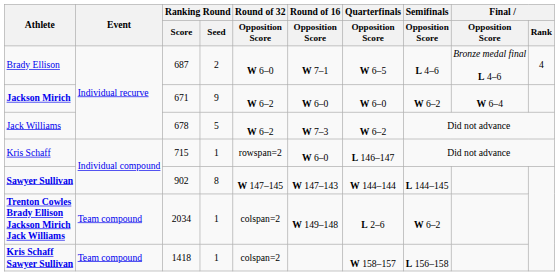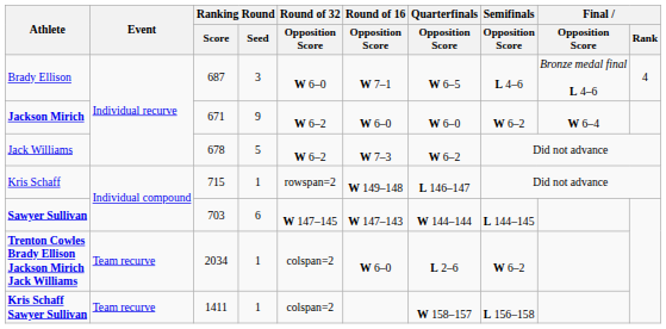 <table class=wikitable style=font-size:90%;text-align:center>
 <tr>
 <th rowspan=2>Athlete</th>
 <th rowspan=2>Event</th>
 <th colspan=2>Ranking Round</th>
 <th>Round of 32</th>
 <th>Round of 16</th>
 <th>Quarterfinals</th>
 <th>Semifinals</th>
 <th colspan=2>Final / </th>
 </tr>
 <tr style=font-size:95%>
 <th>Score</th>
 <th>Seed</th>
 <th>Opposition<br>Score</th>
 <th>Opposition<br>Score</th>
 <th>Opposition<br>Score</th>
 <th>Opposition<br>Score</th>
 <th>Opposition<br>Score</th>
 <th>Rank</th>
 </tr>
 <tr>
 <td align=left><a href='#'>Brady Ellison</a></td>
 <td align=left rowspan=3><a href='#'>Individual recurve</a></td>
 <td>687</td>
-<td>2</td>
+<td>3</td>
 <td><br><strong>W</strong> 6–0</td>
 <td><br><strong>W</strong> 7–1</td>
 <td><br><strong>W</strong> 6–5</td>
 <td><br><strong>L</strong> 4–6</td>
 <td><em>Bronze medal final</em><br><br><strong>L</strong> 4–6</td>
 <td>4</td>
 </tr>
 <tr>
 <td align=left><strong><a href='#'>Jackson Mirich</a></strong></td>
 <td>671</td>
 <td>9</td>
 <td><br><strong>W</strong> 6–2</td>
 <td><br><strong>W</strong> 6–0</td>
 <td><br><strong>W</strong> 6–0</td>
 <td><br><strong>W</strong> 6–2</td>
 <td><br><strong>W</strong> 6–4</td>
 <td></td>
 </tr>
 <tr>
 <td align=left><a href='#'>Jack Williams</a></td>
 <td>678</td>
 <td>5</td>
 <td><br><strong>W</strong> 6–2</td>
 <td><br><strong>W</strong> 7–3</td>
 <td><br><strong>W</strong> 6–2</td>
 <td colspan=3>Did not advance</td>
 </tr>
 <tr>
 <td align=left><a href='#'>Kris Schaff</a></td>
 <td align=left rowspan=2><a href='#'>Individual compound</a></td>
 <td>715 <strong></strong></td>
 <td>1</td>
 <td>rowspan=2 </td>
-<td><br><strong>W</strong> 6–0</td>
+<td><br><strong>W</strong> 149–148</td>
 <td><br><strong>L</strong> 146–147</td>
 <td colspan=3>Did not advance</td>
 </tr>
 <tr>
 <td align=left><strong><a href='#'>Sawyer Sullivan</a></strong></td>
-<td>902</td>
-<td>8</td>
+<td>703</td>
+<td>6</td>
 <td><br><strong>W</strong> 147–145</td>
 <td><br><strong>W</strong> 147–143</td>
 <td><br><strong>W</strong> 144–144</td>
 <td><br><strong>L</strong> 144–145</td>
 <td></td>
 </tr>
 <tr>
 <td align=left><strong><a href='#'>Trenton Cowles</a><br><a href='#'>Brady Ellison</a><br><a href='#'>Jackson Mirich</a><br><a href='#'>Jack Williams</a></strong></td>
-<td align=left><a href='#'>Team compound</a></td>
+<td align=left><a href='#'>Team recurve</a></td>
 <td>2034</td>
 <td>1</td>
 <td>colspan=2 </td>
-<td><br><strong>W</strong> 149–148</td>
+<td><br><strong>W</strong> 6–0</td>
 <td><br><strong>L</strong> 2–6</td>
 <td><br><strong>W</strong> 6–2</td>
 <td></td>
 </tr>
 <tr>
 <td align=left><strong><a href='#'>Kris Schaff</a><br><a href='#'>Sawyer Sullivan</a></strong></td>
-<td align=left><a href='#'>Team compound</a></td>
-<td>1418 <strong></strong></td>
+<td align=left><a href='#'>Team recurve</a></td>
+<td>1411 <strong></strong></td>
 <td>1</td>
 <td>colspan=2 </td>
 <td></td>
 <td><br><strong>W</strong> 158–157</td>
 <td><br><strong>L</strong> 156–158</td>
 <td></td>
 </tr>
 </table>
